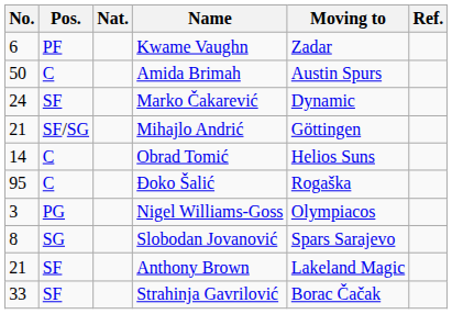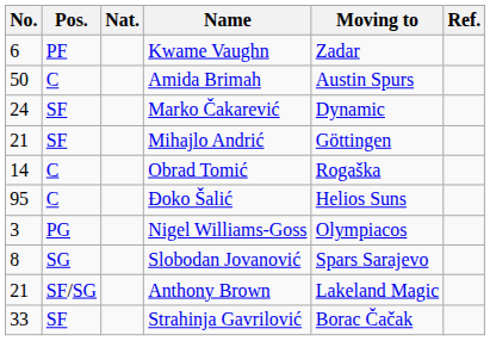 <table class="wikitable">
 <tr>
 <th>No.</th>
 <th>Pos.</th>
 <th>Nat.</th>
 <th>Name</th>
 <th>Moving to</th>
 <th>Ref.</th>
 </tr>
 <tr>
 <td>6</td>
 <td><a href='#'>PF</a></td>
 <td></td>
 <td><a href='#'>Kwame Vaughn</a></td>
 <td> <a href='#'>Zadar</a></td>
 <td align=center></td>
 </tr>
 <tr>
 <td>50</td>
 <td><a href='#'>C</a></td>
 <td></td>
 <td><a href='#'>Amida Brimah</a></td>
 <td> <a href='#'>Austin Spurs</a></td>
 <td align=center></td>
 </tr>
 <tr>
 <td>24</td>
 <td><a href='#'>SF</a></td>
 <td></td>
 <td><a href='#'>Marko Čakarević</a></td>
 <td> <a href='#'>Dynamic</a></td>
 <td align=center></td>
 </tr>
 <tr>
 <td>21</td>
-<td><a href='#'>SF</a>/<a href='#'>SG</a></td>
+<td><a href='#'>SF</a></td>
 <td></td>
 <td><a href='#'>Mihajlo Andrić</a></td>
 <td> <a href='#'>Göttingen</a></td>
 <td align=center></td>
 </tr>
 <tr>
 <td>14</td>
 <td><a href='#'>C</a></td>
 <td></td>
 <td><a href='#'>Obrad Tomić</a></td>
-<td> <a href='#'>Helios Suns</a></td>
+<td> <a href='#'>Rogaška</a></td>
 <td align=center></td>
 </tr>
 <tr>
 <td>95</td>
 <td><a href='#'>C</a></td>
 <td></td>
 <td><a href='#'>Đoko Šalić</a></td>
-<td> <a href='#'>Rogaška</a></td>
+<td> <a href='#'>Helios Suns</a></td>
 <td align=center></td>
 </tr>
 <tr>
 <td>3</td>
 <td><a href='#'>PG</a></td>
 <td></td>
 <td><a href='#'>Nigel Williams-Goss</a></td>
 <td> <a href='#'>Olympiacos</a></td>
 <td align=center></td>
 </tr>
 <tr>
 <td>8</td>
 <td><a href='#'>SG</a></td>
 <td></td>
 <td><a href='#'>Slobodan Jovanović</a></td>
 <td> <a href='#'>Spars Sarajevo</a></td>
 <td align=center></td>
 </tr>
 <tr>
 <td>21</td>
-<td><a href='#'>SF</a></td>
+<td><a href='#'>SF</a>/<a href='#'>SG</a></td>
 <td></td>
 <td><a href='#'>Anthony Brown</a></td>
 <td> <a href='#'>Lakeland Magic</a></td>
 <td align=center></td>
 </tr>
 <tr>
 <td>33</td>
 <td><a href='#'>SF</a></td>
 <td></td>
 <td><a href='#'>Strahinja Gavrilović</a></td>
 <td> <a href='#'>Borac Čačak</a></td>
 <td align=center></td>
 </tr>
 </table>
